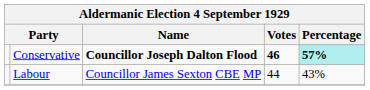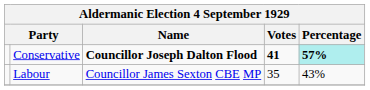 <table class="wikitable">
 <tr>
 <th colspan="5"><strong>Aldermanic Election 4 September 1929</strong></th>
 </tr>
 <tr>
 <th colspan="2">Party</th>
 <th>Name</th>
 <th>Votes</th>
 <th>Percentage</th>
 </tr>
 <tr>
 <td style="background-color:"></td>
 <td><a href='#'>Conservative</a></td>
 <td><strong>Councillor Joseph Dalton Flood</strong></td>
-<td><strong>46</strong></td>
+<td><strong>41</strong></td>
 <td style="background: paleturquoise;"><strong>57%</strong></td>
 </tr>
 <tr>
 <td style="background-color:"></td>
 <td><a href='#'>Labour</a></td>
 <td><a href='#'>Councillor James Sexton</a> <a href='#'>CBE</a> <a href='#'>MP</a></td>
-<td>44</td>
+<td>35</td>
 <td>43%</td>
 </tr>
 <tr>
 </tr>
 </table>
